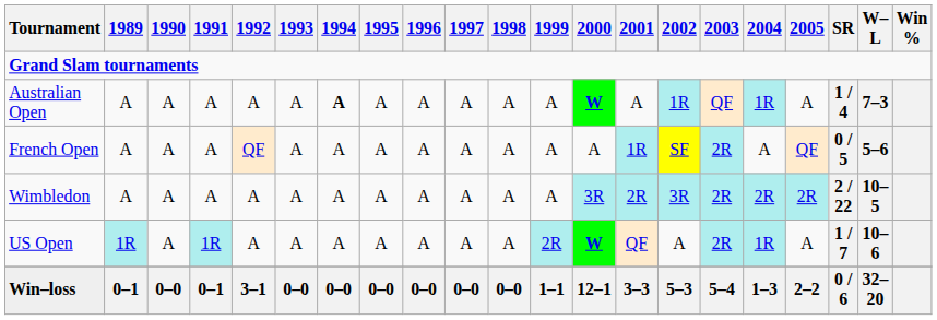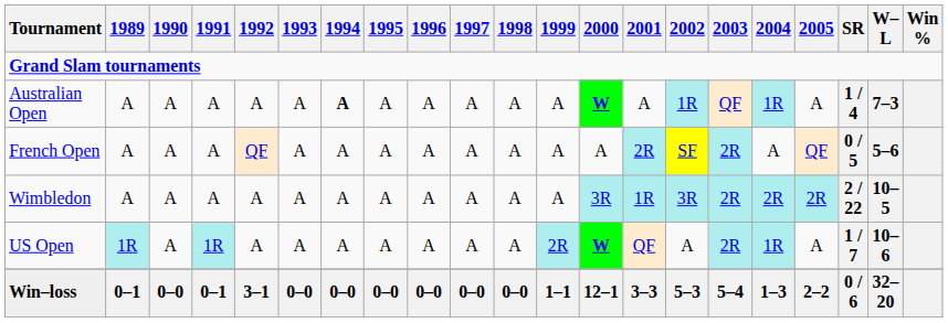 <table class=wikitable style=text-align:center>
 <tr>
 <th>Tournament</th>
 <th><a href='#'>1989</a></th>
 <th><a href='#'>1990</a></th>
 <th><a href='#'>1991</a></th>
 <th><a href='#'>1992</a></th>
 <th><a href='#'>1993</a></th>
 <th><a href='#'>1994</a></th>
 <th><a href='#'>1995</a></th>
 <th><a href='#'>1996</a></th>
 <th><a href='#'>1997</a></th>
 <th><a href='#'>1998</a></th>
 <th><a href='#'>1999</a></th>
 <th><a href='#'>2000</a></th>
 <th><a href='#'>2001</a></th>
 <th><a href='#'>2002</a></th>
 <th><a href='#'>2003</a></th>
 <th><a href='#'>2004</a></th>
 <th><a href='#'>2005</a></th>
 <th>SR</th>
 <th>W–L</th>
 <th>Win %</th>
 </tr>
 <tr>
 <td colspan=25 style=text-align:left><a href='#'><strong>Grand Slam tournaments</strong></a></td>
 </tr>
 <tr>
 <td align=left><a href='#'>Australian Open</a></td>
 <td>A</td>
 <td>A</td>
 <td>A</td>
 <td>A</td>
 <td>A</td>
 <td><strong>A</strong></td>
 <td>A</td>
 <td>A</td>
 <td>A</td>
 <td>A</td>
 <td>A</td>
 <td style=background:lime><a href='#'><strong>W</strong></a></td>
 <td>A</td>
 <td style=background:#afeeee><a href='#'>1R</a></td>
 <td style=background:#ffebcd><a href='#'>QF</a></td>
 <td style=background:#afeeee><a href='#'>1R</a></td>
 <td>A</td>
 <th>1 / 4</th>
 <th>7–3</th>
 <th></th>
 </tr>
 <tr>
 <td align=left><a href='#'>French Open</a></td>
 <td>A</td>
 <td>A</td>
 <td>A</td>
 <td style=background:#ffebcd><a href='#'>QF</a></td>
 <td>A</td>
 <td>A</td>
 <td>A</td>
 <td>A</td>
 <td>A</td>
 <td>A</td>
 <td>A</td>
 <td>A</td>
-<td style=background:#afeeee><a href='#'>1R</a></td>
+<td style=background:#afeeee><a href='#'>2R</a></td>
 <td style=background:yellow><a href='#'>SF</a></td>
 <td style=background:#afeeee><a href='#'>2R</a></td>
 <td>A</td>
 <td style=background:#ffebcd><a href='#'>QF</a></td>
 <th>0 / 5</th>
 <th>5–6</th>
 <th></th>
 </tr>
 <tr>
 <td align=left><a href='#'>Wimbledon</a></td>
 <td>A</td>
 <td>A</td>
 <td>A</td>
 <td>A</td>
 <td>A</td>
 <td>A</td>
 <td>A</td>
 <td>A</td>
 <td>A</td>
 <td>A</td>
 <td>A</td>
 <td style=background:#afeeee><a href='#'>3R</a></td>
-<td style=background:#afeeee><a href='#'>2R</a></td>
+<td style=background:#afeeee><a href='#'>1R</a></td>
 <td style=background:#afeeee><a href='#'>3R</a></td>
 <td style=background:#afeeee><a href='#'>2R</a></td>
 <td style=background:#afeeee><a href='#'>2R</a></td>
 <td style=background:#afeeee><a href='#'>2R</a></td>
 <th>2 / 22</th>
 <th>10–5</th>
 <th></th>
 </tr>
 <tr>
 <td align=left><a href='#'>US Open</a></td>
 <td style=background:#afeeee><a href='#'>1R</a></td>
 <td>A</td>
 <td style=background:#afeeee><a href='#'>1R</a></td>
 <td>A</td>
 <td>A</td>
 <td>A</td>
 <td>A</td>
 <td>A</td>
 <td>A</td>
 <td>A</td>
 <td style=background:#afeeee><a href='#'>2R</a></td>
 <td style=background:lime><a href='#'><strong>W</strong></a></td>
 <td style=background:#ffebcd><a href='#'>QF</a></td>
 <td>A</td>
 <td style=background:#afeeee><a href='#'>2R</a></td>
 <td style=background:#afeeee><a href='#'>1R</a></td>
 <td>A</td>
 <th>1 / 7</th>
 <th>10–6</th>
 <th></th>
 </tr>
 <tr>
 </tr>
 <tr style=font-weight:bold;background:#efefef>
 <td style=text-align:left>Win–loss</td>
 <th>0–1</th>
 <th>0–0</th>
 <th>0–1</th>
 <th>3–1</th>
 <th>0–0</th>
 <th>0–0</th>
 <th>0–0</th>
 <th>0–0</th>
 <th>0–0</th>
 <th>0–0</th>
 <th>1–1</th>
 <th>12–1</th>
 <th>3–3</th>
 <th>5–3</th>
 <th>5–4</th>
 <th>1–3</th>
 <th>2–2</th>
 <th>0 / 6</th>
 <th>32–20</th>
 <th></th>
 </tr>
 </table>
